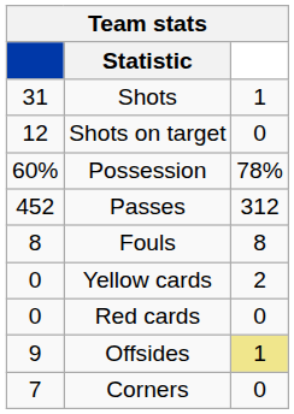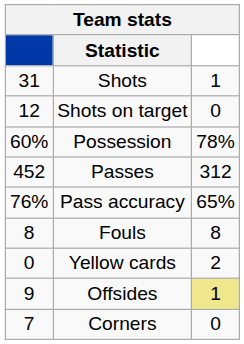 <table class="wikitable" style="margin-left: auto; margin-right: auto; border: none; text-align:center;">
 <tr>
 <th colspan=3>Team stats</th>
 </tr>
 <tr>
 <th style="background: #0038A8; color: #FFFFFF;"> <a href='#'></a></th>
 <th>Statistic</th>
 <th style="background: #FFFFFF; color: #008000;"> <a href='#'></a></th>
 </tr>
 <tr>
 <td>31</td>
 <td>Shots</td>
 <td>1</td>
 </tr>
 <tr>
 <td>12</td>
 <td>Shots on target</td>
 <td>0</td>
 </tr>
 <tr>
 <td>60%</td>
 <td>Possession</td>
 <td>78%</td>
 </tr>
 <tr>
 <td>452</td>
 <td>Passes</td>
 <td>312</td>
 </tr>
 <tr>
+<td>76%</td>
+<td>Pass accuracy</td>
+<td>65%</td>
+</tr>
+<tr>
 <td>8</td>
 <td>Fouls</td>
 <td>8</td>
 </tr>
 <tr>
 <td>0</td>
 <td>Yellow cards</td>
 <td>2</td>
-</tr>
-<tr>
-<td>0</td>
-<td>Red cards</td>
-<td>0</td>
 </tr>
 <tr>
 <td>9</td>
 <td>Offsides</td>
 <td style="background: khaki;">1</td>
 </tr>
 <tr>
 <td>7</td>
 <td>Corners</td>
 <td>0</td>
 </tr>
 </table>
